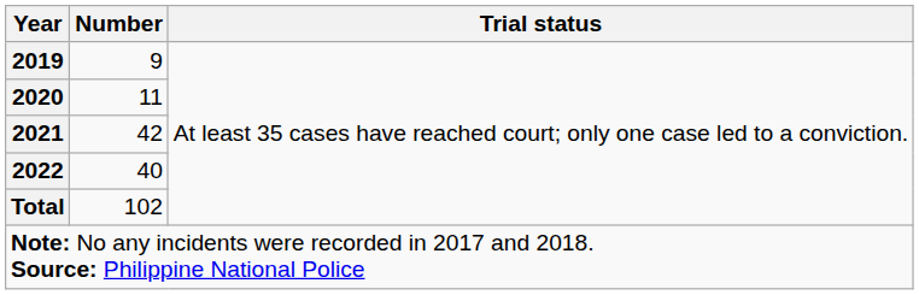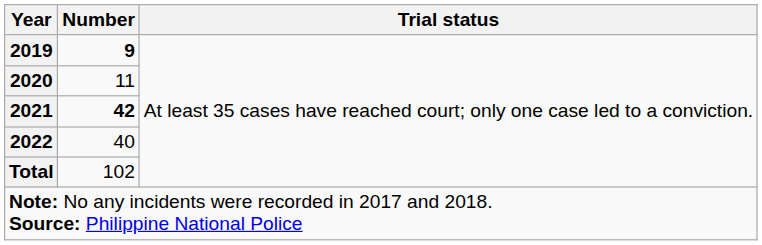 <table class=wikitable>
 <tr>
 <th>Year</th>
 <th>Number</th>
 <th>Trial status</th>
 </tr>
 <tr>
 <th>2019</th>
-<td style=text-align:right>9</td>
+<td style=text-align:right><strong>9</strong></td>
 <td rowspan=5>At least 35 cases have reached court; only one case led to a conviction.</td>
 </tr>
 <tr>
 <th>2020</th>
 <td style=text-align:right>11</td>
 </tr>
 <tr>
 <th>2021</th>
-<td style=text-align:right>42</td>
+<td style=text-align:right><strong>42</strong></td>
 </tr>
 <tr>
 <th>2022</th>
 <td style=text-align:right>40</td>
 </tr>
 <tr>
 <th>Total</th>
 <td style=text-align:right>102</td>
 </tr>
 <tr>
 <td colspan=3><strong>Note:</strong> No any incidents were recorded in 2017 and 2018.<br><strong>Source:</strong> <a href='#'>Philippine National Police</a></td>
 </tr>
 </table>
